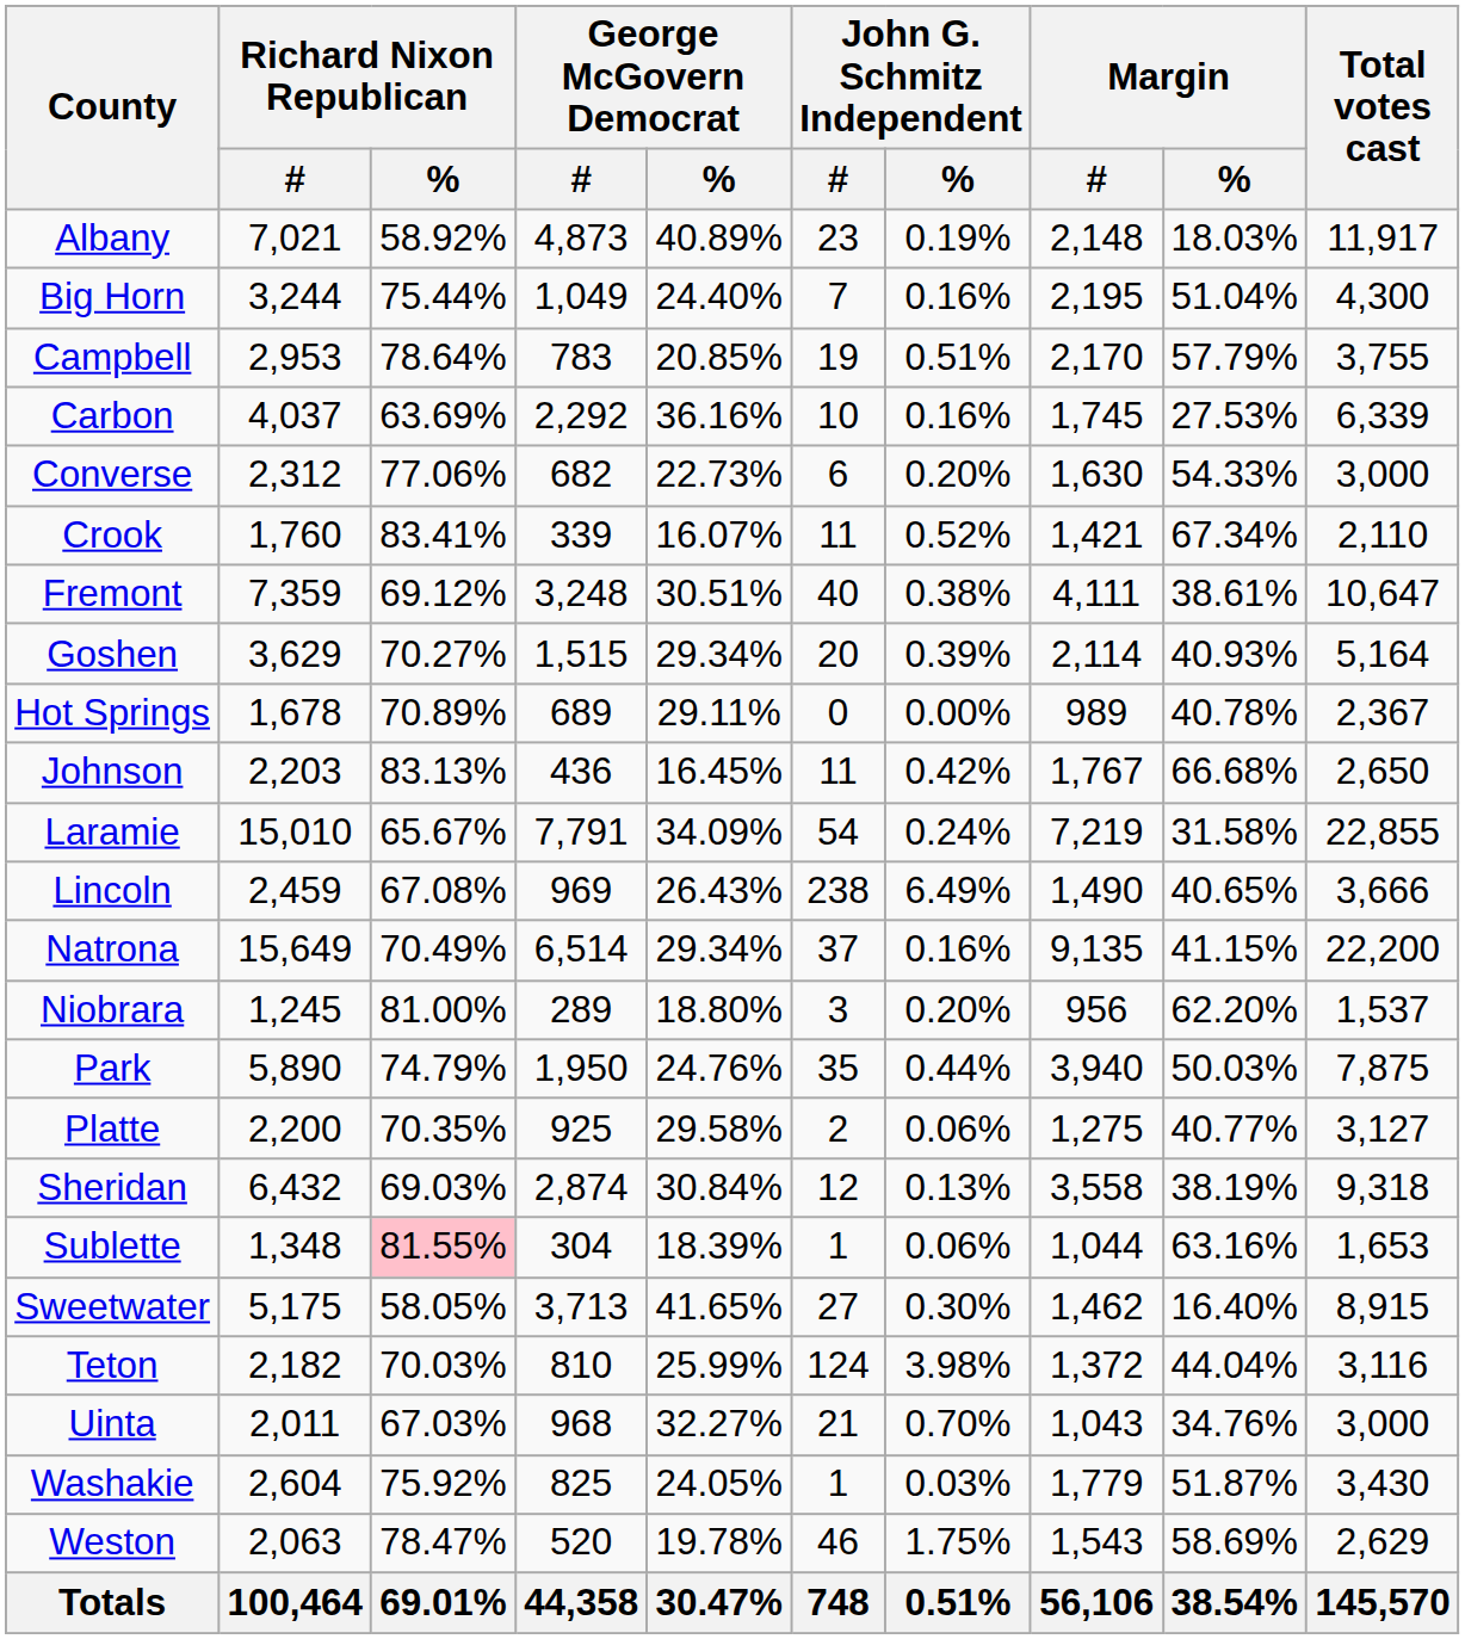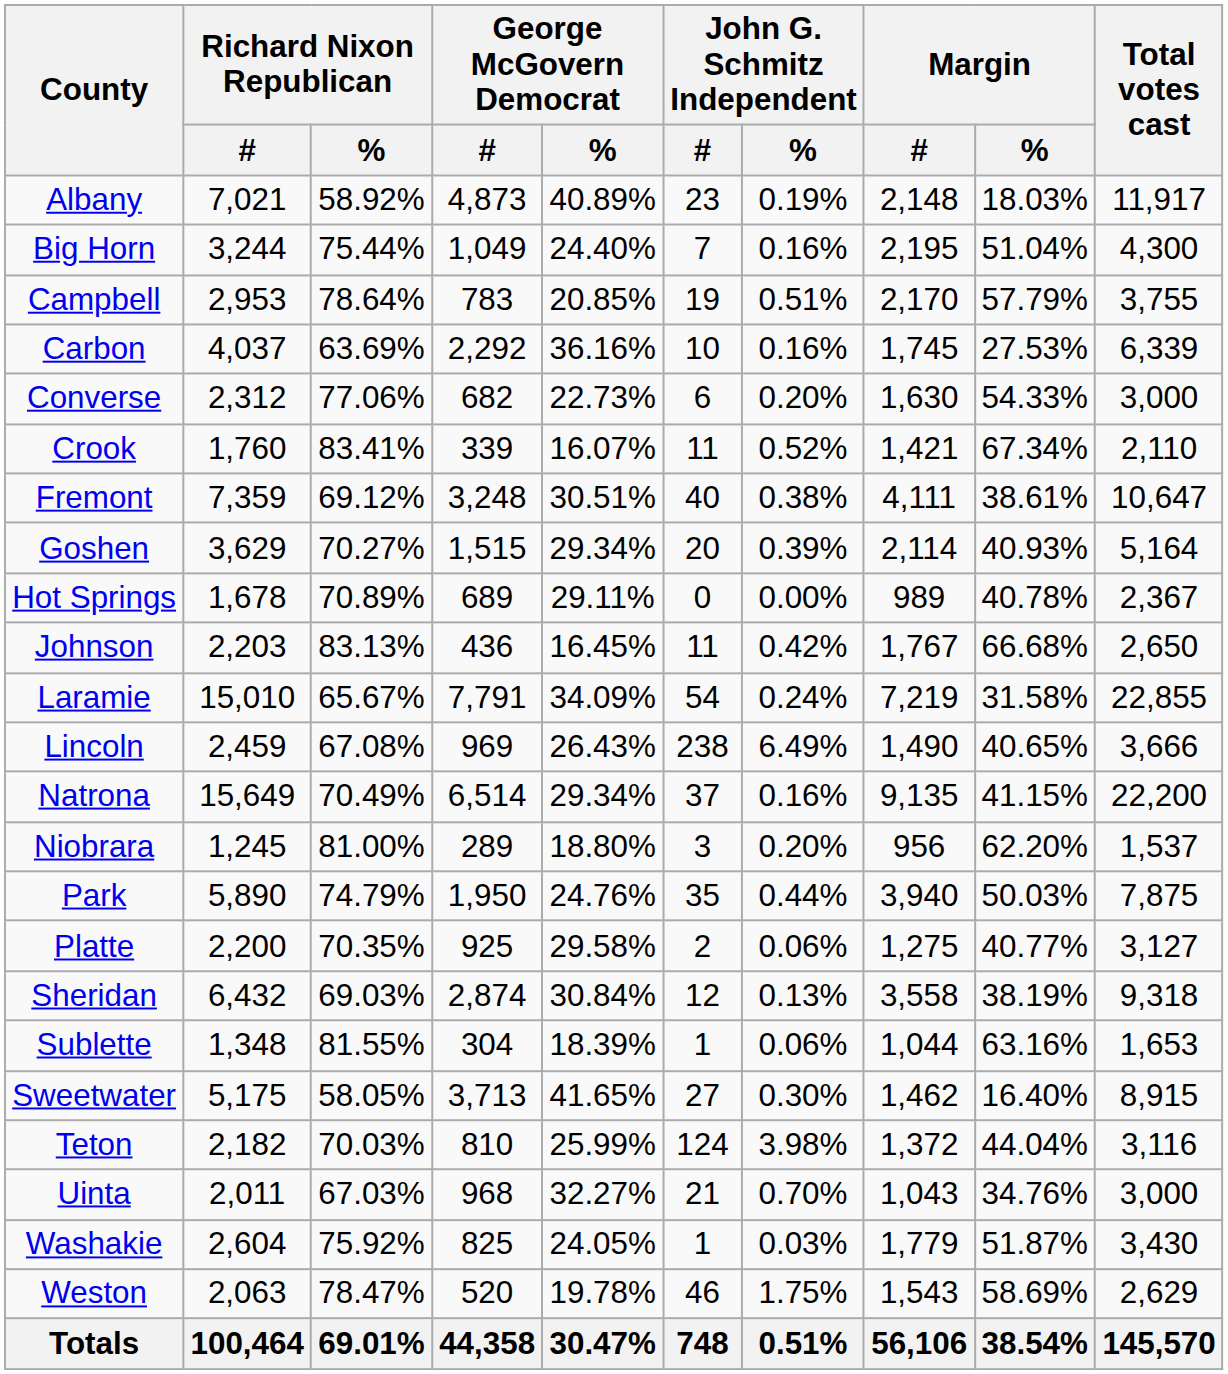 <table width="60%" class="wikitable sortable" style="text-align:center">
 <tr>
 <th style="text-align:center;" rowspan="2">County</th>
 <th style="text-align:center;" colspan="2">Richard Nixon<br>Republican</th>
 <th style="text-align:center;" colspan="2">George McGovern<br>Democrat</th>
 <th style="text-align:center;" colspan="2">John G. Schmitz<br>Independent</th>
 <th style="text-align:center;" colspan="2">Margin</th>
 <th style="text-align:center;" rowspan="2">Total votes cast</th>
 </tr>
 <tr>
 <th style="text-align:center;" data-sort-type="number">#</th>
 <th style="text-align:center;" data-sort-type="number">%</th>
 <th style="text-align:center;" data-sort-type="number">#</th>
 <th style="text-align:center;" data-sort-type="number">%</th>
 <th style="text-align:center;" data-sort-type="number">#</th>
 <th style="text-align:center;" data-sort-type="number">%</th>
 <th style="text-align:center;" data-sort-type="number">#</th>
 <th style="text-align:center;" data-sort-type="number">%</th>
 </tr>
 <tr style="text-align:center;">
 <td><a href='#'>Albany</a></td>
 <td>7,021</td>
 <td>58.92%</td>
 <td>4,873</td>
 <td>40.89%</td>
 <td>23</td>
 <td>0.19%</td>
 <td>2,148</td>
 <td>18.03%</td>
 <td>11,917</td>
 </tr>
 <tr style="text-align:center;">
 <td><a href='#'>Big Horn</a></td>
 <td>3,244</td>
 <td>75.44%</td>
 <td>1,049</td>
 <td>24.40%</td>
 <td>7</td>
 <td>0.16%</td>
 <td>2,195</td>
 <td>51.04%</td>
 <td>4,300</td>
 </tr>
 <tr style="text-align:center;">
 <td><a href='#'>Campbell</a></td>
 <td>2,953</td>
 <td>78.64%</td>
 <td>783</td>
 <td>20.85%</td>
 <td>19</td>
 <td>0.51%</td>
 <td>2,170</td>
 <td>57.79%</td>
 <td>3,755</td>
 </tr>
 <tr style="text-align:center;">
 <td><a href='#'>Carbon</a></td>
 <td>4,037</td>
 <td>63.69%</td>
 <td>2,292</td>
 <td>36.16%</td>
 <td>10</td>
 <td>0.16%</td>
 <td>1,745</td>
 <td>27.53%</td>
 <td>6,339</td>
 </tr>
 <tr style="text-align:center;">
 <td><a href='#'>Converse</a></td>
 <td>2,312</td>
 <td>77.06%</td>
 <td>682</td>
 <td>22.73%</td>
 <td>6</td>
 <td>0.20%</td>
 <td>1,630</td>
 <td>54.33%</td>
 <td>3,000</td>
 </tr>
 <tr style="text-align:center;">
 <td><a href='#'>Crook</a></td>
 <td>1,760</td>
 <td>83.41%</td>
 <td>339</td>
 <td>16.07%</td>
 <td>11</td>
 <td>0.52%</td>
 <td>1,421</td>
 <td>67.34%</td>
 <td>2,110</td>
 </tr>
 <tr style="text-align:center;">
 <td><a href='#'>Fremont</a></td>
 <td>7,359</td>
 <td>69.12%</td>
 <td>3,248</td>
 <td>30.51%</td>
 <td>40</td>
 <td>0.38%</td>
 <td>4,111</td>
 <td>38.61%</td>
 <td>10,647</td>
 </tr>
 <tr style="text-align:center;">
 <td><a href='#'>Goshen</a></td>
 <td>3,629</td>
 <td>70.27%</td>
 <td>1,515</td>
 <td>29.34%</td>
 <td>20</td>
 <td>0.39%</td>
 <td>2,114</td>
 <td>40.93%</td>
 <td>5,164</td>
 </tr>
 <tr style="text-align:center;">
 <td><a href='#'>Hot Springs</a></td>
 <td>1,678</td>
 <td>70.89%</td>
 <td>689</td>
 <td>29.11%</td>
 <td>0</td>
 <td>0.00%</td>
 <td>989</td>
 <td>40.78%</td>
 <td>2,367</td>
 </tr>
 <tr style="text-align:center;">
 <td><a href='#'>Johnson</a></td>
 <td>2,203</td>
 <td>83.13%</td>
 <td>436</td>
 <td>16.45%</td>
 <td>11</td>
 <td>0.42%</td>
 <td>1,767</td>
 <td>66.68%</td>
 <td>2,650</td>
 </tr>
 <tr style="text-align:center;">
 <td><a href='#'>Laramie</a></td>
 <td>15,010</td>
 <td>65.67%</td>
 <td>7,791</td>
 <td>34.09%</td>
 <td>54</td>
 <td>0.24%</td>
 <td>7,219</td>
 <td>31.58%</td>
 <td>22,855</td>
 </tr>
 <tr style="text-align:center;">
 <td><a href='#'>Lincoln</a></td>
 <td>2,459</td>
 <td>67.08%</td>
 <td>969</td>
 <td>26.43%</td>
 <td>238</td>
 <td>6.49%</td>
 <td>1,490</td>
 <td>40.65%</td>
 <td>3,666</td>
 </tr>
 <tr style="text-align:center;">
 <td><a href='#'>Natrona</a></td>
 <td>15,649</td>
 <td>70.49%</td>
 <td>6,514</td>
 <td>29.34%</td>
 <td>37</td>
 <td>0.16%</td>
 <td>9,135</td>
 <td>41.15%</td>
 <td>22,200</td>
 </tr>
 <tr style="text-align:center;">
 <td><a href='#'>Niobrara</a></td>
 <td>1,245</td>
 <td>81.00%</td>
 <td>289</td>
 <td>18.80%</td>
 <td>3</td>
 <td>0.20%</td>
 <td>956</td>
 <td>62.20%</td>
 <td>1,537</td>
 </tr>
 <tr style="text-align:center;">
 <td><a href='#'>Park</a></td>
 <td>5,890</td>
 <td>74.79%</td>
 <td>1,950</td>
 <td>24.76%</td>
 <td>35</td>
 <td>0.44%</td>
 <td>3,940</td>
 <td>50.03%</td>
 <td>7,875</td>
 </tr>
 <tr style="text-align:center;">
 <td><a href='#'>Platte</a></td>
 <td>2,200</td>
 <td>70.35%</td>
 <td>925</td>
 <td>29.58%</td>
 <td>2</td>
 <td>0.06%</td>
 <td>1,275</td>
 <td>40.77%</td>
 <td>3,127</td>
 </tr>
 <tr style="text-align:center;">
 <td><a href='#'>Sheridan</a></td>
 <td>6,432</td>
 <td>69.03%</td>
 <td>2,874</td>
 <td>30.84%</td>
 <td>12</td>
 <td>0.13%</td>
 <td>3,558</td>
 <td>38.19%</td>
 <td>9,318</td>
 </tr>
 <tr style="text-align:center;">
 <td><a href='#'>Sublette</a></td>
 <td>1,348</td>
-<td style="background: pink;">81.55%</td>
+<td>81.55%</td>
 <td>304</td>
 <td>18.39%</td>
 <td>1</td>
 <td>0.06%</td>
 <td>1,044</td>
 <td>63.16%</td>
 <td>1,653</td>
 </tr>
 <tr style="text-align:center;">
 <td><a href='#'>Sweetwater</a></td>
 <td>5,175</td>
 <td>58.05%</td>
 <td>3,713</td>
 <td>41.65%</td>
 <td>27</td>
 <td>0.30%</td>
 <td>1,462</td>
 <td>16.40%</td>
 <td>8,915</td>
 </tr>
 <tr style="text-align:center;">
 <td><a href='#'>Teton</a></td>
 <td>2,182</td>
 <td>70.03%</td>
 <td>810</td>
 <td>25.99%</td>
 <td>124</td>
 <td>3.98%</td>
 <td>1,372</td>
 <td>44.04%</td>
 <td>3,116</td>
 </tr>
 <tr style="text-align:center;">
 <td><a href='#'>Uinta</a></td>
 <td>2,011</td>
 <td>67.03%</td>
 <td>968</td>
 <td>32.27%</td>
 <td>21</td>
 <td>0.70%</td>
 <td>1,043</td>
 <td>34.76%</td>
 <td>3,000</td>
 </tr>
 <tr style="text-align:center;">
 <td><a href='#'>Washakie</a></td>
 <td>2,604</td>
 <td>75.92%</td>
 <td>825</td>
 <td>24.05%</td>
 <td>1</td>
 <td>0.03%</td>
 <td>1,779</td>
 <td>51.87%</td>
 <td>3,430</td>
 </tr>
 <tr style="text-align:center;">
 <td><a href='#'>Weston</a></td>
 <td>2,063</td>
 <td>78.47%</td>
 <td>520</td>
 <td>19.78%</td>
 <td>46</td>
 <td>1.75%</td>
 <td>1,543</td>
 <td>58.69%</td>
 <td>2,629</td>
 </tr>
 <tr style="text-align:center;">
 <th>Totals</th>
 <th>100,464</th>
 <th>69.01%</th>
 <th>44,358</th>
 <th>30.47%</th>
 <th>748</th>
 <th>0.51%</th>
 <th>56,106</th>
 <th>38.54%</th>
 <th>145,570</th>
 </tr>
 </table>
